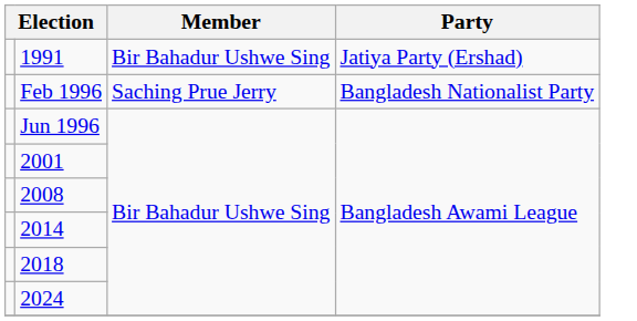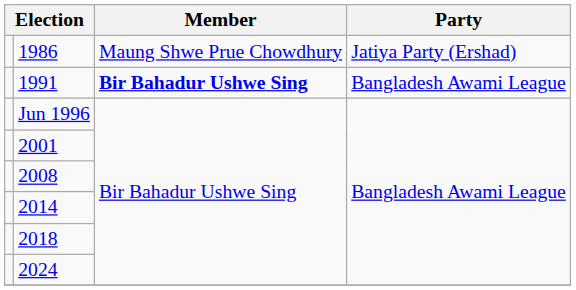 <table class="wikitable">
 <tr>
 <th colspan="2">Election</th>
 <th>Member</th>
 <th>Party</th>
 </tr>
 <tr>
 <td style="background-color:"></td>
-<td><a href='#'>1991</a></td>
-<td><a href='#'>Bir Bahadur Ushwe Sing</a></td>
+<td><a href='#'>1986</a></td>
+<td><a href='#'>Maung Shwe Prue Chowdhury</a></td>
 <td><a href='#'>Jatiya Party (Ershad)</a></td>
 </tr>
 <tr>
 <td style="background-color:"></td>
-<td><a href='#'>Feb 1996</a></td>
-<td><a href='#'>Saching Prue Jerry</a></td>
-<td><a href='#'>Bangladesh Nationalist Party</a></td>
+<td><a href='#'>1991</a></td>
+<td><strong><a href='#'>Bir Bahadur Ushwe Sing</a></strong></td>
+<td><a href='#'>Bangladesh Awami League</a></td>
 </tr>
 <tr>
 <td style="background-color:"></td>
 <td><a href='#'>Jun 1996</a></td>
 <td rowspan="6"><a href='#'>Bir Bahadur Ushwe Sing</a></td>
 <td rowspan="6"><a href='#'>Bangladesh Awami League</a></td>
 </tr>
 <tr>
 <td style="background-color:"></td>
 <td><a href='#'>2001</a></td>
 </tr>
 <tr>
 <td style="background-color:"></td>
 <td><a href='#'>2008</a></td>
 </tr>
 <tr>
 <td style="background-color:"></td>
 <td><a href='#'>2014</a></td>
 </tr>
 <tr>
 <td style="background-color:"></td>
 <td><a href='#'>2018</a></td>
 </tr>
 <tr>
 <td style="background-color:"></td>
 <td><a href='#'>2024</a></td>
 </tr>
 <tr>
 </tr>
 </table>
